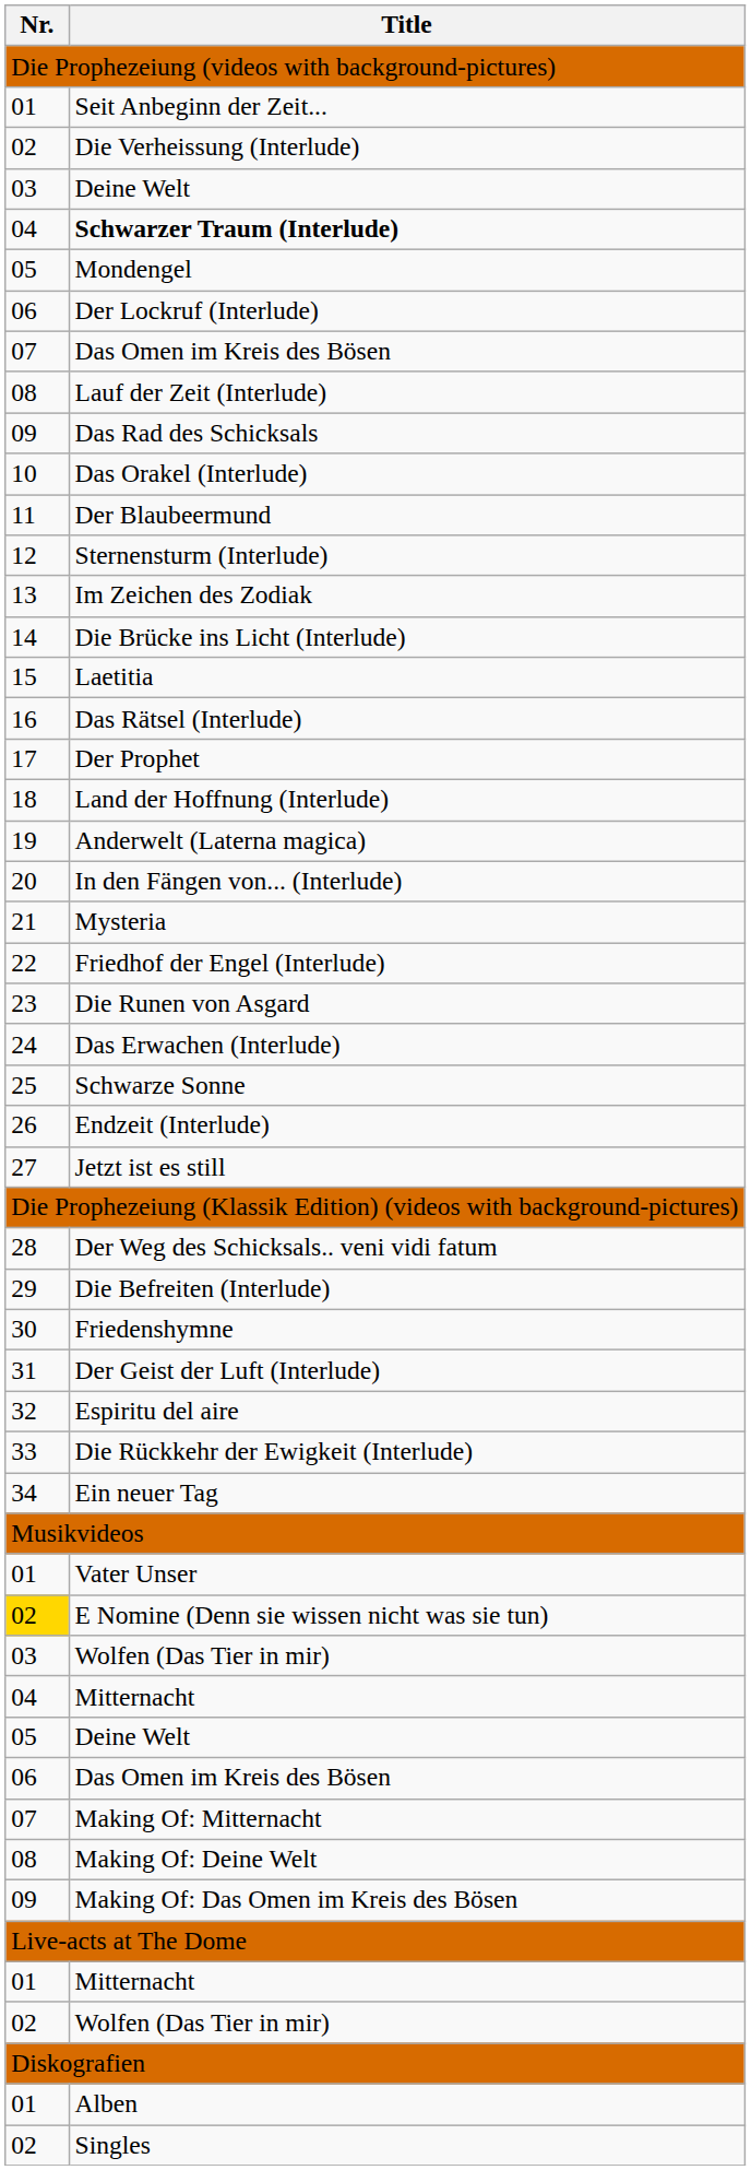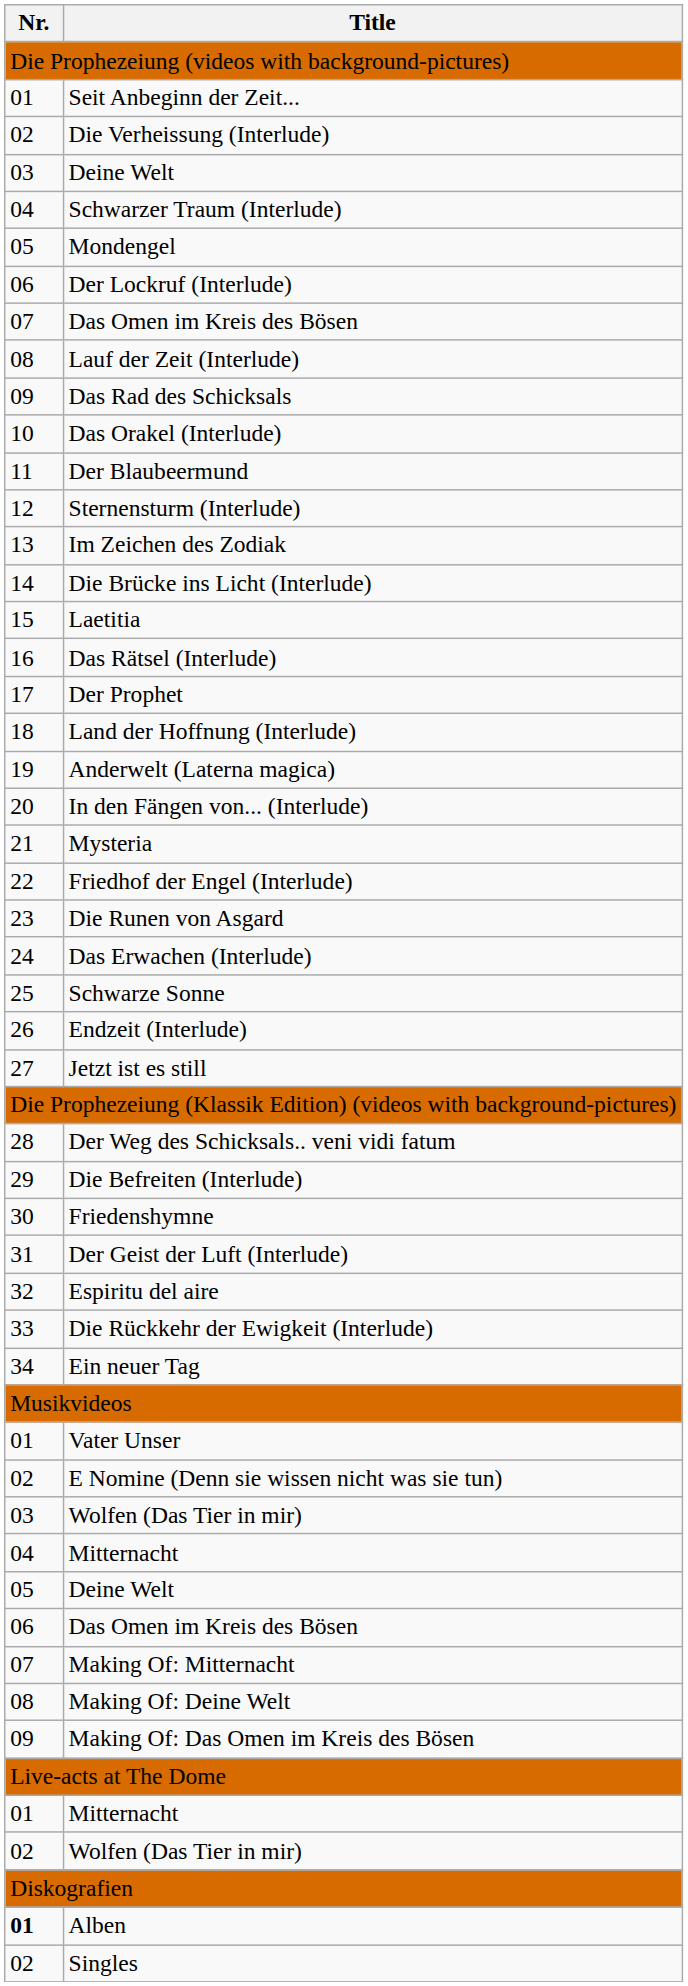 <table class="wikitable">
 <tr bgcolor="#f0f0ff">
 <th><strong>Nr.</strong></th>
 <th><strong>Title</strong></th>
 </tr>
 <tr bgcolor="#D76B00">
 <td colspan="4">Die Prophezeiung (videos with background-pictures)</td>
 </tr>
 <tr>
 <td>01</td>
 <td>Seit Anbeginn der Zeit...</td>
 </tr>
 <tr>
 <td>02</td>
 <td>Die Verheissung (Interlude)</td>
 </tr>
 <tr>
 <td>03</td>
 <td>Deine Welt</td>
 </tr>
 <tr>
 <td>04</td>
-<td><strong>Schwarzer Traum (Interlude)</strong></td>
+<td>Schwarzer Traum (Interlude)</td>
 </tr>
 <tr>
 <td>05</td>
 <td>Mondengel</td>
 </tr>
 <tr>
 <td>06</td>
 <td>Der Lockruf (Interlude)</td>
 </tr>
 <tr>
 <td>07</td>
 <td>Das Omen im Kreis des Bösen</td>
 </tr>
 <tr>
 <td>08</td>
 <td>Lauf der Zeit (Interlude)</td>
 </tr>
 <tr>
 <td>09</td>
 <td>Das Rad des Schicksals</td>
 </tr>
 <tr>
 <td>10</td>
 <td>Das Orakel (Interlude)</td>
 </tr>
 <tr>
 <td>11</td>
 <td>Der Blaubeermund</td>
 </tr>
 <tr>
 <td>12</td>
 <td>Sternensturm (Interlude)</td>
 </tr>
 <tr>
 <td>13</td>
 <td>Im Zeichen des Zodiak</td>
 </tr>
 <tr>
 <td>14</td>
 <td>Die Brücke ins Licht (Interlude)</td>
 </tr>
 <tr>
 <td>15</td>
 <td>Laetitia</td>
 </tr>
 <tr>
 <td>16</td>
 <td>Das Rätsel (Interlude)</td>
 </tr>
 <tr>
 <td>17</td>
 <td>Der Prophet</td>
 </tr>
 <tr>
 <td>18</td>
 <td>Land der Hoffnung (Interlude)</td>
 </tr>
 <tr>
 <td>19</td>
 <td>Anderwelt (Laterna magica)</td>
 </tr>
 <tr>
 <td>20</td>
 <td>In den Fängen von... (Interlude)</td>
 </tr>
 <tr>
 <td>21</td>
 <td>Mysteria</td>
 </tr>
 <tr>
 <td>22</td>
 <td>Friedhof der Engel (Interlude)</td>
 </tr>
 <tr>
 <td>23</td>
 <td>Die Runen von Asgard</td>
 </tr>
 <tr>
 <td>24</td>
 <td>Das Erwachen (Interlude)</td>
 </tr>
 <tr>
 <td>25</td>
 <td>Schwarze Sonne</td>
 </tr>
 <tr>
 <td>26</td>
 <td>Endzeit (Interlude)</td>
 </tr>
 <tr>
 <td>27</td>
 <td>Jetzt ist es still</td>
 </tr>
 <tr bgcolor="#D76B00">
 <td colspan="4">Die Prophezeiung (Klassik Edition) (videos with background-pictures)</td>
 </tr>
 <tr>
 <td>28</td>
 <td>Der Weg des Schicksals.. veni vidi fatum</td>
 </tr>
 <tr>
 <td>29</td>
 <td>Die Befreiten (Interlude)</td>
 </tr>
 <tr>
 <td>30</td>
 <td>Friedenshymne</td>
 </tr>
 <tr>
 <td>31</td>
 <td>Der Geist der Luft (Interlude)</td>
 </tr>
 <tr>
 <td>32</td>
 <td>Espiritu del aire</td>
 </tr>
 <tr>
 <td>33</td>
 <td>Die Rückkehr der Ewigkeit (Interlude)</td>
 </tr>
 <tr>
 <td>34</td>
 <td>Ein neuer Tag</td>
 </tr>
 <tr bgcolor="#D76B00">
 <td colspan="4">Musikvideos</td>
 </tr>
 <tr>
 <td>01</td>
 <td>Vater Unser</td>
 </tr>
 <tr>
-<td style="background: gold;">02</td>
+<td>02</td>
 <td>E Nomine (Denn sie wissen nicht was sie tun)</td>
 </tr>
 <tr>
 <td>03</td>
 <td>Wolfen (Das Tier in mir)</td>
 </tr>
 <tr>
 <td>04</td>
 <td>Mitternacht</td>
 </tr>
 <tr>
 <td>05</td>
 <td>Deine Welt</td>
 </tr>
 <tr>
 <td>06</td>
 <td>Das Omen im Kreis des Bösen</td>
 </tr>
 <tr>
 <td>07</td>
 <td>Making Of: Mitternacht</td>
 </tr>
 <tr>
 <td>08</td>
 <td>Making Of: Deine Welt</td>
 </tr>
 <tr>
 <td>09</td>
 <td>Making Of: Das Omen im Kreis des Bösen</td>
 </tr>
 <tr bgcolor="#D76B00">
 <td colspan="4">Live-acts at The Dome</td>
 </tr>
 <tr>
 <td>01</td>
 <td>Mitternacht</td>
 </tr>
 <tr>
 <td>02</td>
 <td>Wolfen (Das Tier in mir)</td>
 </tr>
 <tr bgcolor="#D76B00">
 <td colspan="4">Diskografien</td>
 </tr>
 <tr>
-<td>01</td>
+<td><strong>01</strong></td>
 <td>Alben</td>
 </tr>
 <tr>
 <td>02</td>
 <td>Singles</td>
 </tr>
 </table>
